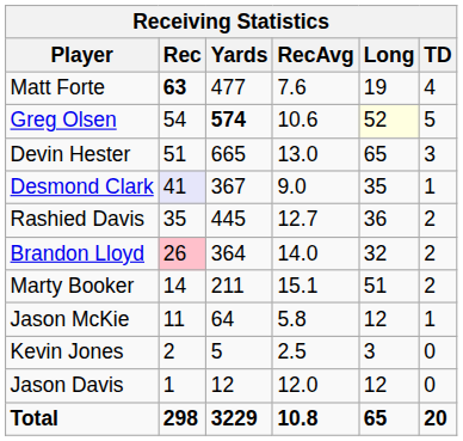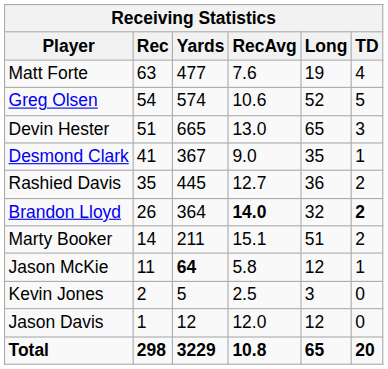 <table class="wikitable">
 <tr>
 <th colspan="6">Receiving Statistics</th>
 </tr>
 <tr>
 <th>Player</th>
 <th>Rec</th>
 <th>Yards</th>
 <th>RecAvg</th>
 <th>Long</th>
 <th>TD</th>
 </tr>
 <tr>
 <td>Matt Forte</td>
-<td><strong>63</strong></td>
+<td>63</td>
 <td>477</td>
 <td>7.6</td>
 <td>19</td>
 <td>4</td>
 </tr>
 <tr>
 <td><a href='#'>Greg Olsen</a></td>
 <td>54</td>
-<td><strong>574</strong></td>
+<td>574</td>
 <td>10.6</td>
-<td style="background: lightyellow;">52</td>
+<td>52</td>
 <td>5</td>
 </tr>
 <tr>
 <td>Devin Hester</td>
 <td>51</td>
 <td>665</td>
 <td>13.0</td>
 <td>65</td>
 <td>3</td>
 </tr>
 <tr>
 <td><a href='#'>Desmond Clark</a></td>
-<td style="background: lavender;">41</td>
+<td>41</td>
 <td>367</td>
 <td>9.0</td>
 <td>35</td>
 <td>1</td>
 </tr>
 <tr>
 <td>Rashied Davis</td>
 <td>35</td>
 <td>445</td>
 <td>12.7</td>
 <td>36</td>
 <td>2</td>
 </tr>
 <tr>
 <td><a href='#'>Brandon Lloyd</a></td>
-<td style="background: pink;">26</td>
+<td>26</td>
 <td>364</td>
-<td>14.0</td>
+<td><strong>14.0</strong></td>
 <td>32</td>
-<td>2</td>
+<td><strong>2</strong></td>
 </tr>
 <tr>
 <td>Marty Booker</td>
 <td>14</td>
 <td>211</td>
 <td>15.1</td>
 <td>51</td>
 <td>2</td>
 </tr>
 <tr>
 <td>Jason McKie</td>
 <td>11</td>
-<td>64</td>
+<td><strong>64</strong></td>
 <td>5.8</td>
 <td>12</td>
 <td>1</td>
 </tr>
 <tr>
 <td>Kevin Jones</td>
 <td>2</td>
 <td>5</td>
 <td>2.5</td>
 <td>3</td>
 <td>0</td>
 </tr>
 <tr>
 <td>Jason Davis</td>
 <td>1</td>
 <td>12</td>
 <td>12.0</td>
 <td>12</td>
 <td>0</td>
 </tr>
 <tr class="sortbottom">
 <td><strong>Total</strong></td>
 <td><strong>298</strong></td>
 <td><strong>3229 </strong></td>
 <td><strong>10.8</strong></td>
 <td><strong>65</strong></td>
 <td><strong>20</strong></td>
 </tr>
 </table>
